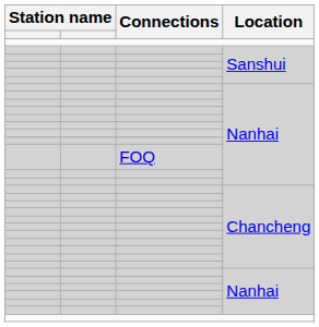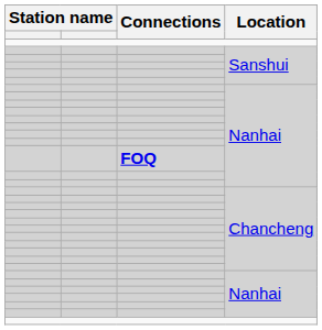 <table class="wikitable">
 <tr>
 <th colspan="2">Station name</th>
 <th rowspan="2">Connections</th>
 <th rowspan="2">Location</th>
 </tr>
 <tr>
 <th></th>
 <th></th>
 </tr>
 <tr style="background:#">
 <td colspan="5"></td>
 </tr>
 <tr bgcolor="lightgrey">
 <td></td>
 <td></td>
 <td></td>
 <td rowspan="5"><a href='#'>Sanshui</a></td>
 </tr>
 <tr bgcolor="lightgrey">
 <td></td>
 <td></td>
 <td></td>
 </tr>
 <tr bgcolor="lightgrey">
 <td></td>
 <td></td>
 <td></td>
 </tr>
 <tr bgcolor="lightgrey">
 <td></td>
 <td></td>
 <td></td>
 </tr>
 <tr bgcolor="lightgrey">
 <td></td>
 <td></td>
 <td></td>
 </tr>
 <tr bgcolor="lightgrey">
 <td></td>
 <td></td>
 <td></td>
 <td rowspan="11"><a href='#'>Nanhai</a></td>
 </tr>
 <tr bgcolor="lightgrey">
 <td></td>
 <td></td>
 <td></td>
 </tr>
 <tr bgcolor="lightgrey">
 <td></td>
 <td></td>
 <td></td>
 </tr>
 <tr bgcolor="lightgrey">
 <td></td>
 <td></td>
 <td></td>
 </tr>
 <tr bgcolor="lightgrey">
 <td></td>
 <td></td>
 <td></td>
 </tr>
 <tr bgcolor="lightgrey">
 <td></td>
 <td></td>
 <td></td>
 </tr>
 <tr bgcolor="lightgrey">
 <td></td>
 <td></td>
 <td></td>
 </tr>
 <tr bgcolor="lightgrey">
 <td></td>
 <td></td>
 <td></td>
 </tr>
 <tr bgcolor="lightgrey">
 <td></td>
 <td></td>
-<td>   <a href='#'>FOQ</a> </td>
+<td><strong>   <a href='#'>FOQ</a> </strong></td>
 </tr>
 <tr bgcolor="lightgrey">
 <td></td>
 <td></td>
 <td></td>
 </tr>
 <tr bgcolor="lightgrey">
 <td></td>
 <td></td>
 <td></td>
 </tr>
 <tr bgcolor="lightgrey">
 <td></td>
 <td></td>
 <td></td>
 <td rowspan="11"><a href='#'>Chancheng</a></td>
 </tr>
 <tr bgcolor="lightgrey">
 <td></td>
 <td></td>
 <td></td>
 </tr>
 <tr bgcolor="lightgrey">
 <td></td>
 <td></td>
 <td></td>
 </tr>
 <tr bgcolor="lightgrey">
 <td></td>
 <td></td>
 <td></td>
 </tr>
 <tr bgcolor="lightgrey">
 <td></td>
 <td></td>
 <td></td>
 </tr>
 <tr bgcolor="lightgrey">
 <td></td>
 <td></td>
 <td></td>
 </tr>
 <tr bgcolor="lightgrey">
 <td></td>
 <td></td>
 <td></td>
 </tr>
 <tr bgcolor="lightgrey">
 <td></td>
 <td></td>
 <td> </td>
 </tr>
 <tr bgcolor="lightgrey">
 <td></td>
 <td></td>
 <td></td>
 </tr>
 <tr bgcolor="lightgrey">
 <td></td>
 <td></td>
 <td></td>
 </tr>
 <tr bgcolor="lightgrey">
 <td></td>
 <td></td>
 <td></td>
 </tr>
 <tr bgcolor="lightgrey">
 <td></td>
 <td></td>
 <td></td>
 <td rowspan="6"><a href='#'>Nanhai</a></td>
 </tr>
 <tr bgcolor="lightgrey">
 <td></td>
 <td></td>
 <td></td>
 </tr>
 <tr bgcolor="lightgrey">
 <td></td>
 <td></td>
 <td></td>
 </tr>
 <tr bgcolor="lightgrey">
 <td></td>
 <td></td>
 <td></td>
 </tr>
 <tr bgcolor="lightgrey">
 <td></td>
 <td></td>
 <td></td>
 </tr>
 <tr bgcolor="lightgrey">
 <td></td>
 <td></td>
 <td></td>
 </tr>
 <tr style="background:#">
 <td colspan="5"></td>
 </tr>
 </table>
